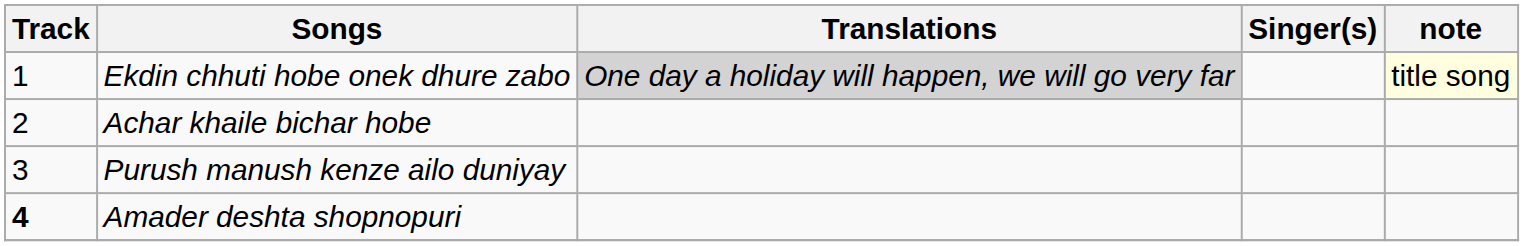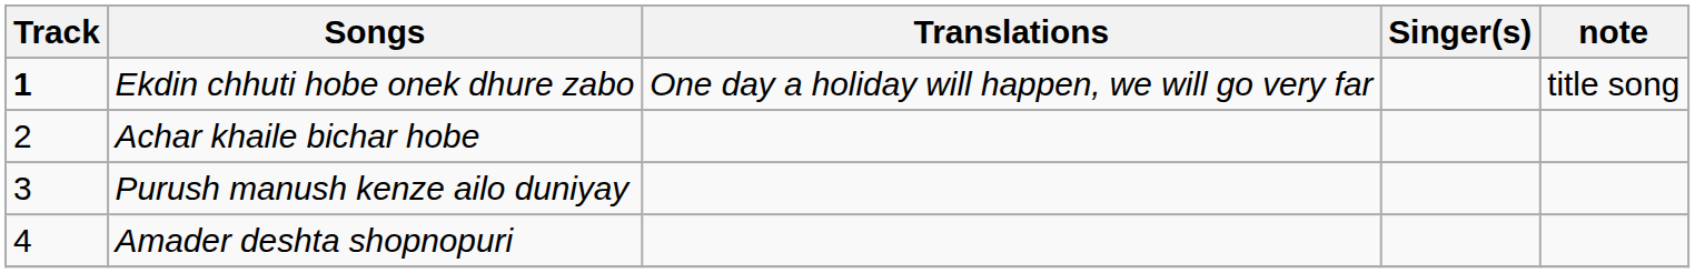 <table class="wikitable" style="font-size:95%;">
 <tr>
 <th>Track</th>
 <th>Songs</th>
 <th>Translations</th>
 <th>Singer(s)</th>
 <th>note</th>
 </tr>
 <tr>
-<td>1</td>
+<td><strong>1</strong></td>
 <td><em>Ekdin chhuti hobe onek dhure zabo</em></td>
-<td style="background: lightgrey;"><em>One day a holiday will happen, we will go very far</em></td>
+<td><em>One day a holiday will happen, we will go very far</em></td>
 <td></td>
-<td style="background: lightyellow;">title song</td>
+<td>title song</td>
 </tr>
 <tr>
 <td>2</td>
 <td><em>Achar khaile bichar hobe</em></td>
 <td></td>
 <td></td>
 <td></td>
 </tr>
 <tr>
 <td>3</td>
 <td><em>Purush manush kenze ailo duniyay</em></td>
 <td></td>
 <td></td>
 <td></td>
 </tr>
 <tr>
-<td><strong>4</strong></td>
+<td>4</td>
 <td><em>Amader deshta shopnopuri</em></td>
 <td></td>
 <td></td>
 <td></td>
 </tr>
 <tr>
 </tr>
 </table>
